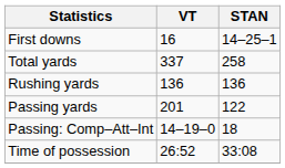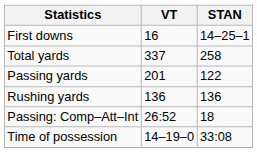 <table class="wikitable" style="float: left;">
 <tr>
 <th>Statistics</th>
 <th>VT</th>
 <th>STAN</th>
 </tr>
 <tr>
 <td>First downs</td>
 <td>16</td>
 <td>14–25–1</td>
 </tr>
 <tr>
 <td>Total yards</td>
 <td>337</td>
 <td>258</td>
 </tr>
 <tr>
+<td>Passing yards</td>
+<td>201</td>
+<td>122</td>
+</tr>
+<tr>
 <td>Rushing yards</td>
 <td>136</td>
 <td>136</td>
 </tr>
 <tr>
-<td>Passing yards</td>
-<td>201</td>
-<td>122</td>
-</tr>
-<tr>
 <td>Passing: Comp–Att–Int</td>
-<td>14–19–0</td>
+<td>26:52</td>
 <td>18</td>
 </tr>
 <tr>
 <td>Time of possession</td>
-<td>26:52</td>
+<td>14–19–0</td>
 <td>33:08</td>
 </tr>
 <tr>
 </tr>
 </table>
